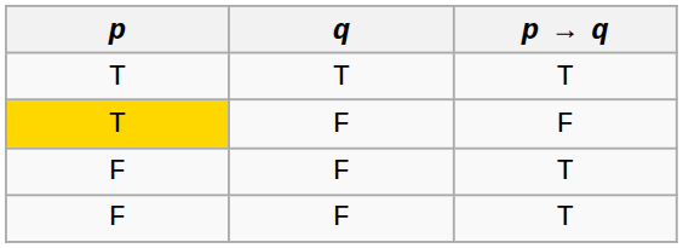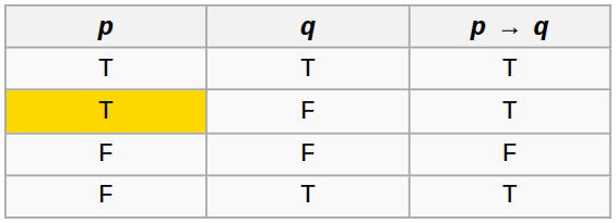 <table class="wikitable" style="margin:1em auto; text-align:center;">
 <tr>
 <th style="width:15%"><em>p</em></th>
 <th style="width:15%"><em>q</em></th>
 <th style="width:15%"><em>p</em> → <em>q</em></th>
 </tr>
 <tr>
 <td>T</td>
 <td>T</td>
 <td>T</td>
 </tr>
 <tr>
 <td style="background: gold;">T</td>
 <td>F</td>
-<td>F</td>
-</tr>
-<tr>
-<td>F</td>
-<td>F</td>
 <td>T</td>
 </tr>
 <tr>
 <td>F</td>
 <td>F</td>
+<td>F</td>
+</tr>
+<tr>
+<td>F</td>
+<td>T</td>
 <td>T</td>
 </tr>
 </table>
